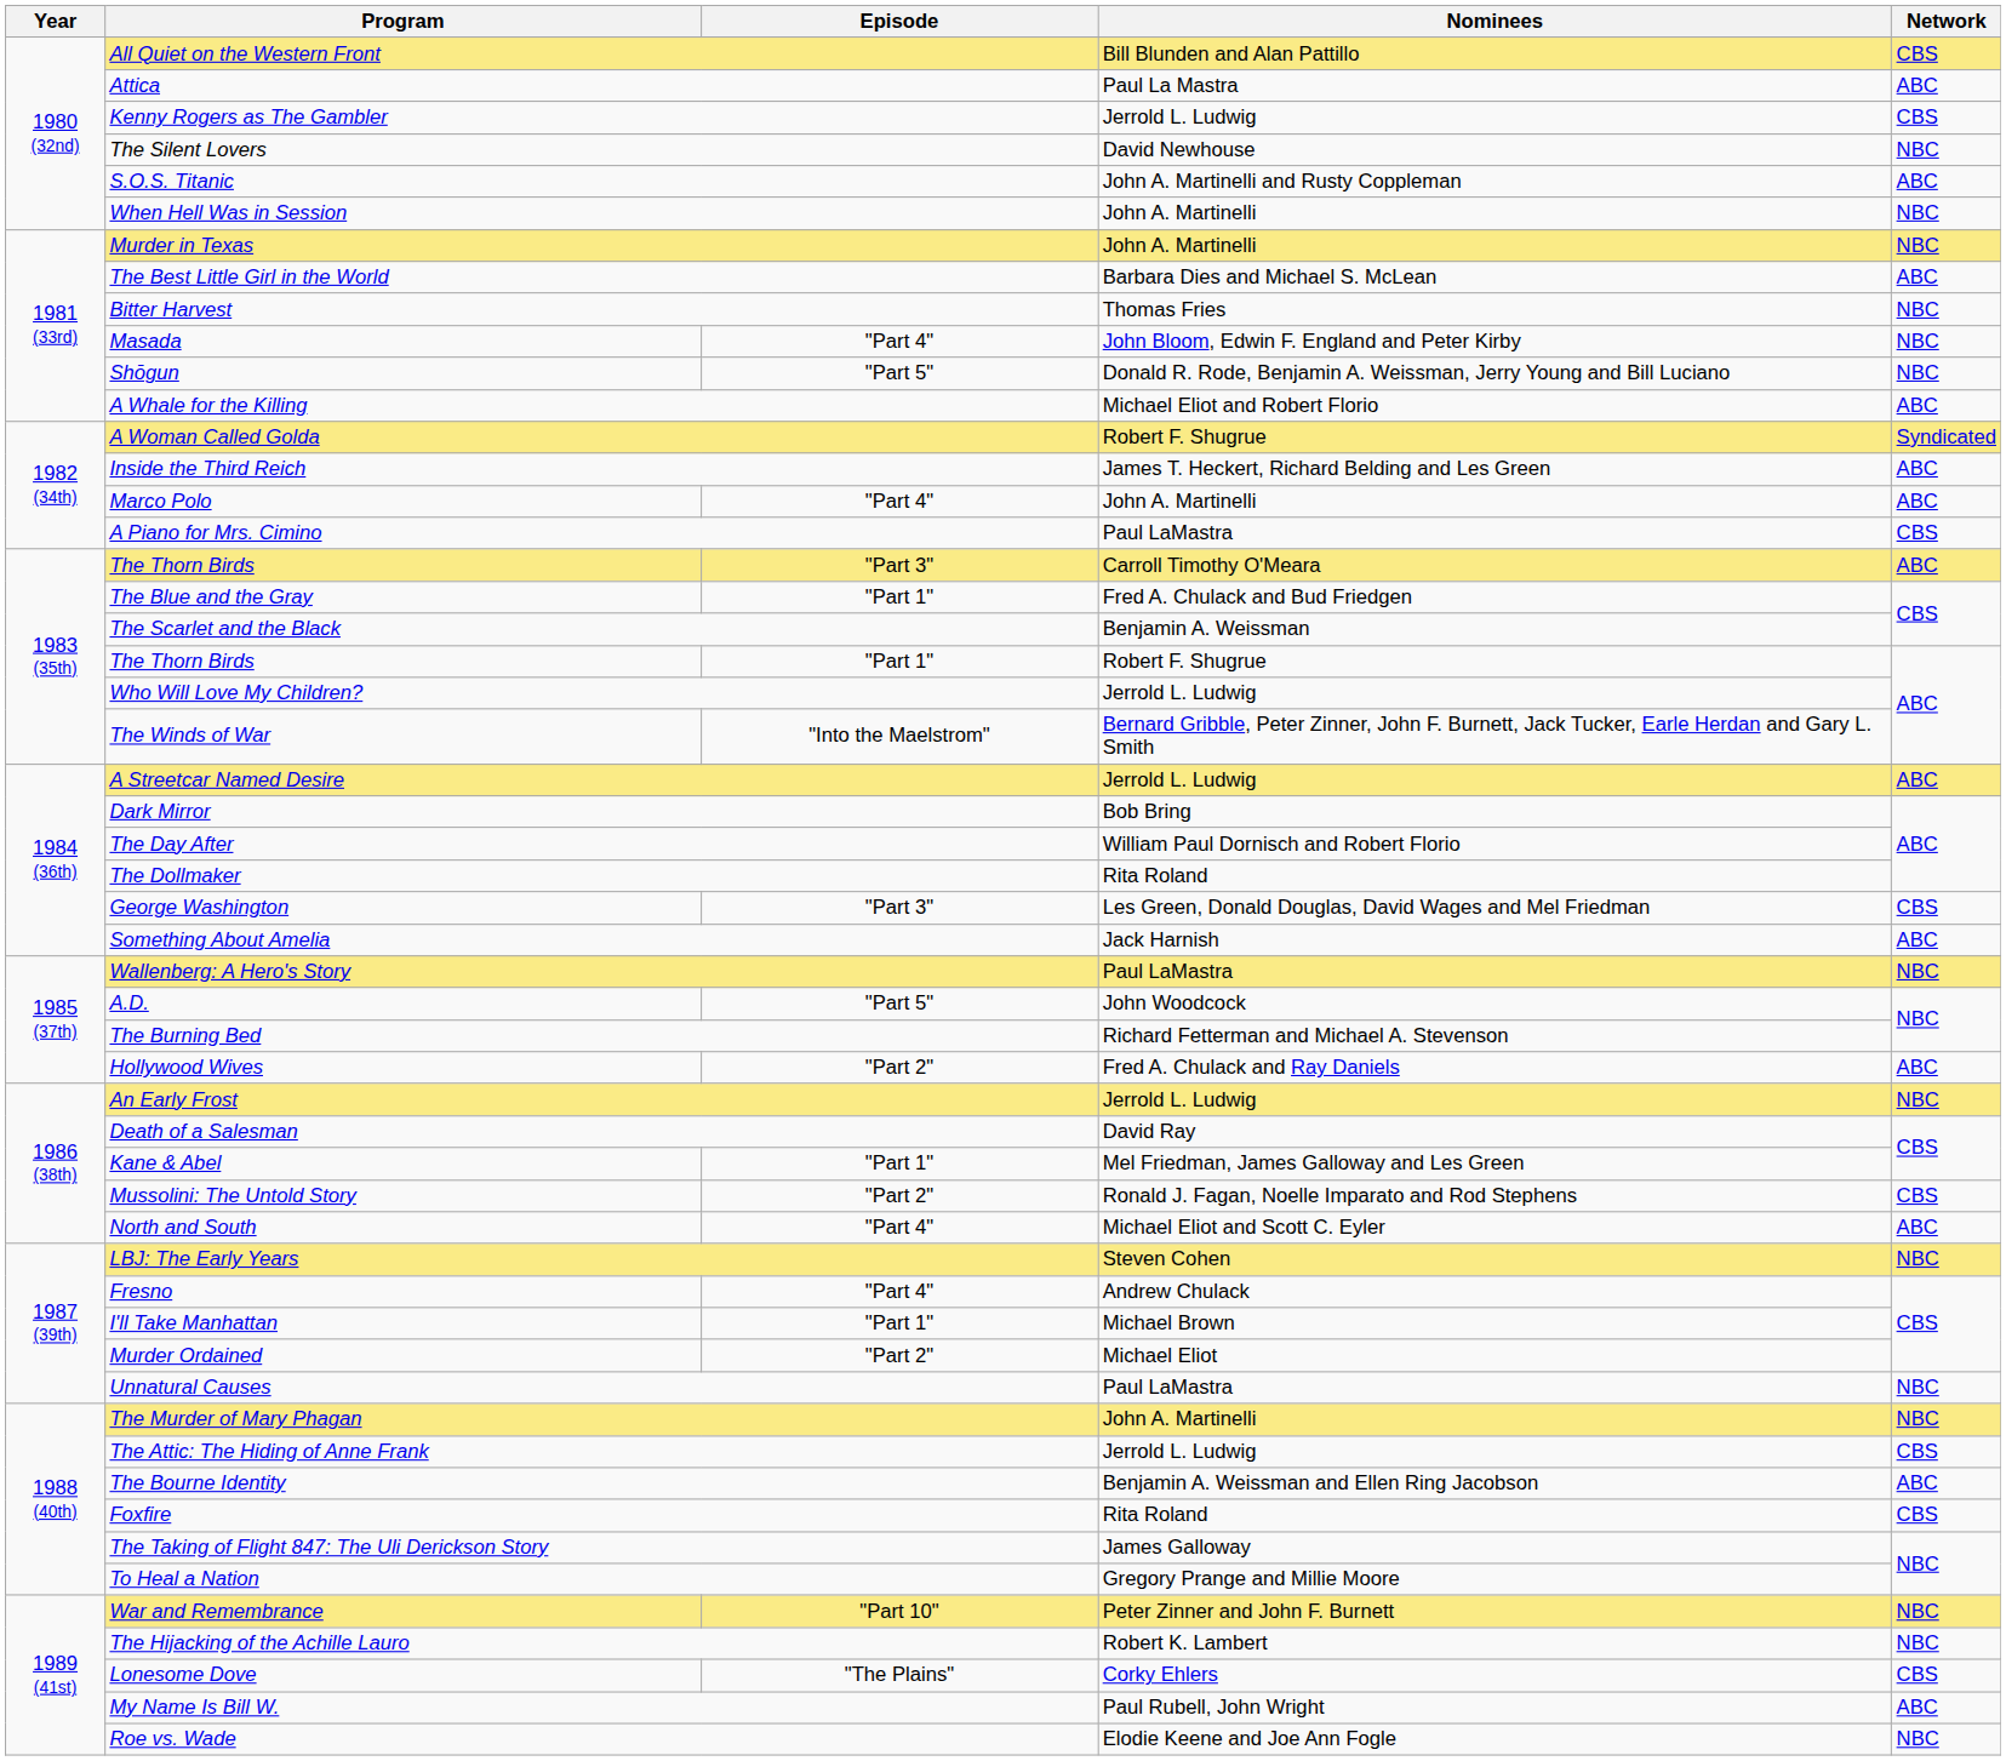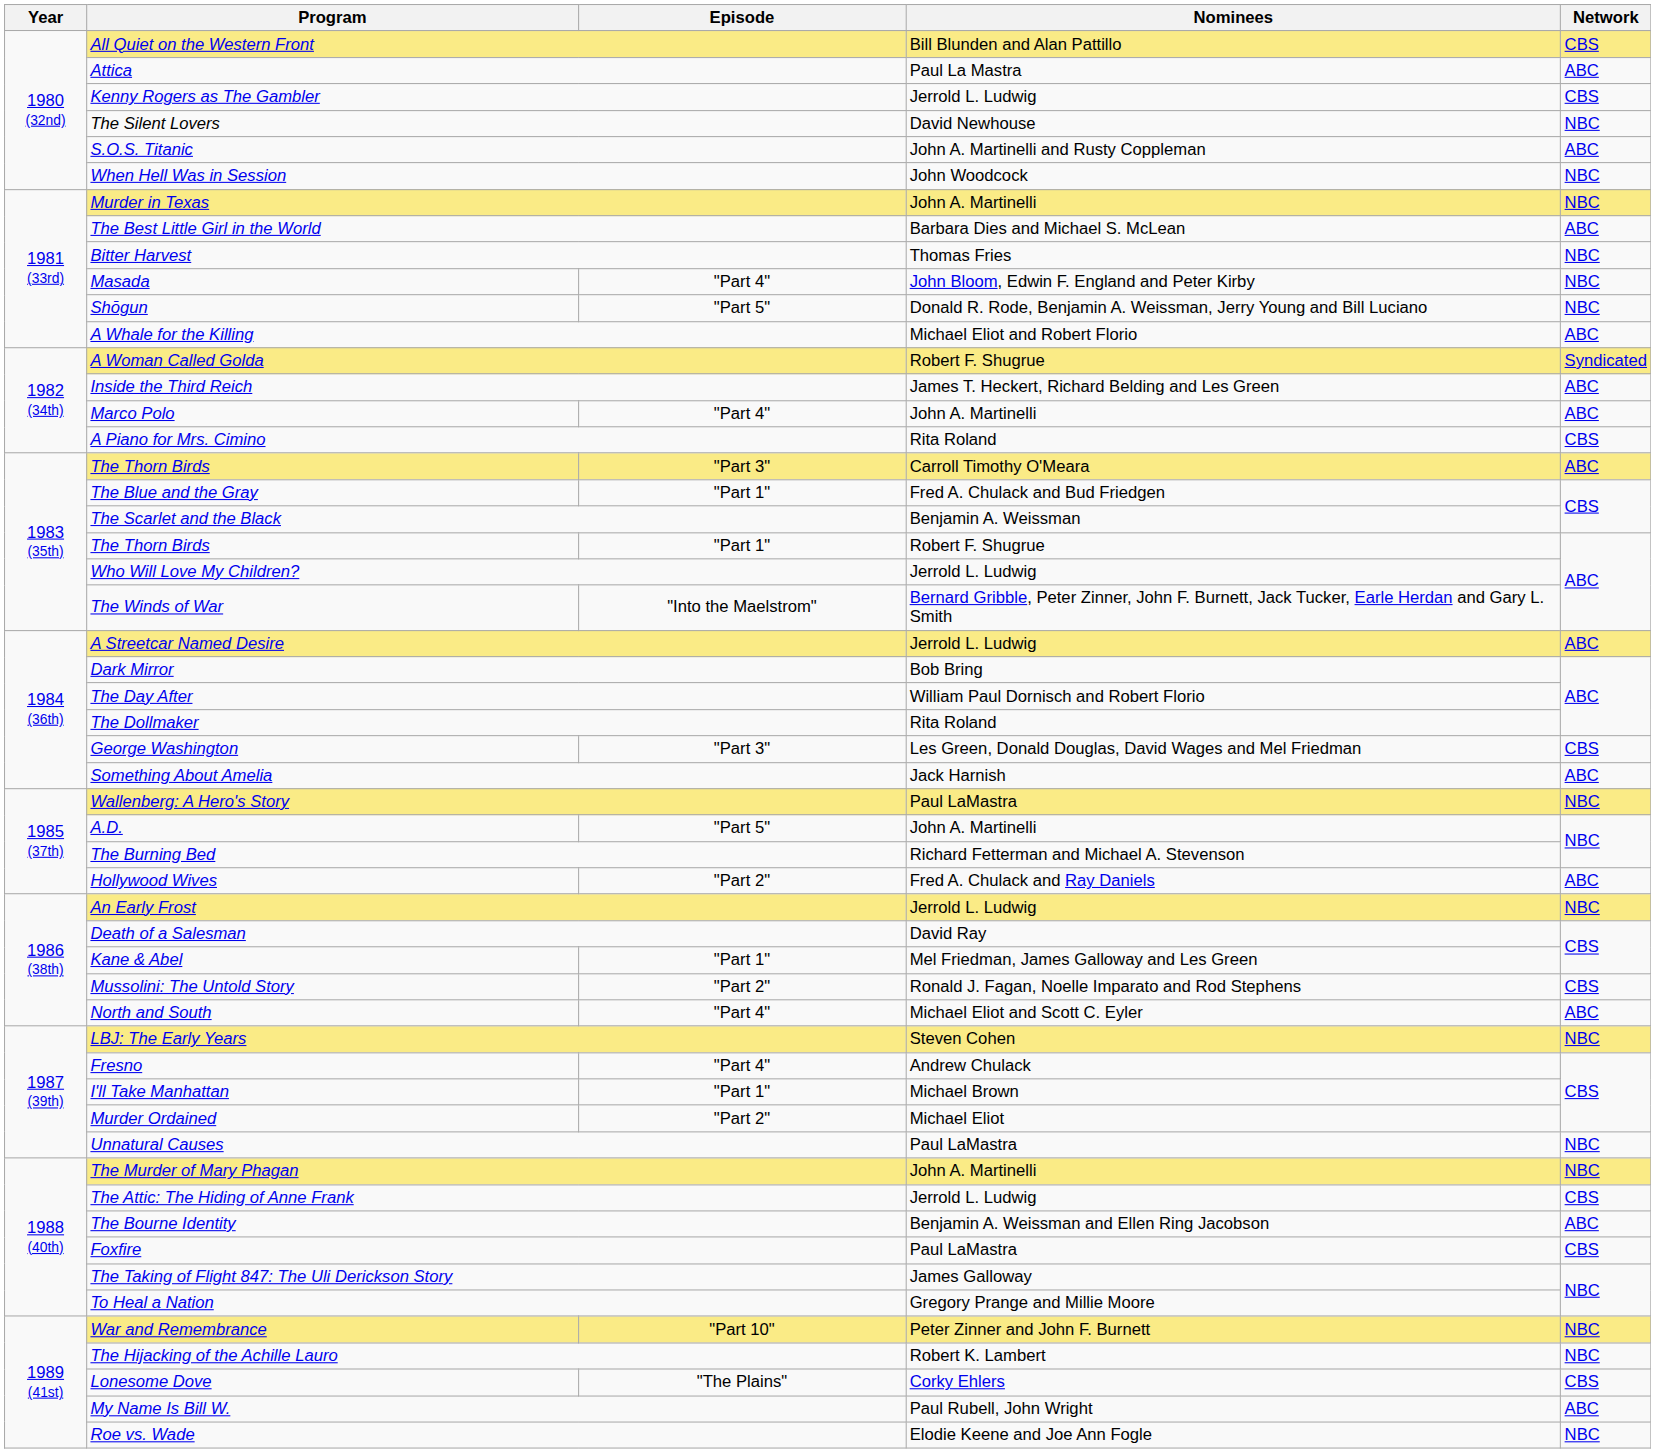 <table class="wikitable" style="width:100%">
 <tr>
 <th width="5%">Year</th>
 <th width="30%">Program</th>
 <th width="20%">Episode</th>
 <th width="40%">Nominees</th>
 <th width="5%">Network</th>
 </tr>
 <tr>
 <td rowspan="7" style="text-align:center;"><a href='#'>1980</a><br><small><a href='#'>(32nd)</a></small><br></td>
 </tr>
 <tr style="background:#FAEB86;">
 <td colspan=2><em><a href='#'>All Quiet on the Western Front</a></em></td>
 <td>Bill Blunden and Alan Pattillo</td>
 <td><a href='#'>CBS</a></td>
 </tr>
 <tr>
 <td colspan=2><em><a href='#'>Attica</a></em></td>
 <td>Paul La Mastra</td>
 <td><a href='#'>ABC</a></td>
 </tr>
 <tr>
 <td colspan=2><em><a href='#'>Kenny Rogers as The Gambler</a></em></td>
 <td>Jerrold L. Ludwig</td>
 <td><a href='#'>CBS</a></td>
 </tr>
 <tr>
 <td colspan=2><em>The Silent Lovers</em></td>
 <td>David Newhouse</td>
 <td><a href='#'>NBC</a></td>
 </tr>
 <tr>
 <td colspan=2><em><a href='#'>S.O.S. Titanic</a></em></td>
 <td>John A. Martinelli and Rusty Coppleman</td>
 <td><a href='#'>ABC</a></td>
 </tr>
 <tr>
 <td colspan=2><em><a href='#'>When Hell Was in Session</a></em></td>
-<td>John A. Martinelli</td>
+<td>John Woodcock</td>
 <td><a href='#'>NBC</a></td>
 </tr>
 <tr>
 <td rowspan="6" style="text-align:center;"><a href='#'>1981</a><br><small><a href='#'>(33rd)</a></small><br></td>
 <td style="background:#FAEB86;" colspan=2><em><a href='#'>Murder in Texas</a></em></td>
 <td style="background:#FAEB86;">John A. Martinelli</td>
 <td style="background:#FAEB86;"><a href='#'>NBC</a></td>
 </tr>
 <tr>
 <td colspan=2><em><a href='#'>The Best Little Girl in the World</a></em></td>
 <td>Barbara Dies and Michael S. McLean</td>
 <td><a href='#'>ABC</a></td>
 </tr>
 <tr>
 <td colspan=2><em><a href='#'>Bitter Harvest</a></em></td>
 <td>Thomas Fries</td>
 <td><a href='#'>NBC</a></td>
 </tr>
 <tr>
 <td><em><a href='#'>Masada</a></em></td>
 <td align=center>"Part 4"</td>
 <td><a href='#'>John Bloom</a>, Edwin F. England and Peter Kirby</td>
 <td><a href='#'>NBC</a></td>
 </tr>
 <tr>
 <td><em><a href='#'>Shōgun</a></em></td>
 <td align=center>"Part 5"</td>
 <td>Donald R. Rode, Benjamin A. Weissman, Jerry Young and Bill Luciano</td>
 <td><a href='#'>NBC</a></td>
 </tr>
 <tr>
 <td colspan=2><em><a href='#'>A Whale for the Killing</a></em></td>
 <td>Michael Eliot and Robert Florio</td>
 <td><a href='#'>ABC</a></td>
 </tr>
 <tr>
 <td rowspan="4" style="text-align:center;"><a href='#'>1982</a><br><small><a href='#'>(34th)</a></small><br></td>
 <td style="background:#FAEB86;" colspan=2><em><a href='#'>A Woman Called Golda</a></em></td>
 <td style="background:#FAEB86;">Robert F. Shugrue</td>
 <td style="background:#FAEB86;"><a href='#'>Syndicated</a></td>
 </tr>
 <tr>
 <td colspan=2><em><a href='#'>Inside the Third Reich</a></em></td>
 <td>James T. Heckert, Richard Belding and Les Green</td>
 <td><a href='#'>ABC</a></td>
 </tr>
 <tr>
 <td><em><a href='#'>Marco Polo</a></em></td>
 <td align=center>"Part 4"</td>
 <td>John A. Martinelli</td>
 <td><a href='#'>ABC</a></td>
 </tr>
 <tr>
 <td colspan=2><em><a href='#'>A Piano for Mrs. Cimino</a></em></td>
-<td>Paul LaMastra</td>
+<td>Rita Roland</td>
 <td><a href='#'>CBS</a></td>
 </tr>
 <tr>
 <td rowspan="6" style="text-align:center;"><a href='#'>1983</a><br><small><a href='#'>(35th)</a></small><br></td>
 <td style="background:#FAEB86;"><em><a href='#'>The Thorn Birds</a></em></td>
 <td style="background:#FAEB86;" align=center>"Part 3"</td>
 <td style="background:#FAEB86;">Carroll Timothy O'Meara</td>
 <td style="background:#FAEB86;"><a href='#'>ABC</a></td>
 </tr>
 <tr>
 <td><em><a href='#'>The Blue and the Gray</a></em></td>
 <td align=center>"Part 1"</td>
 <td>Fred A. Chulack and Bud Friedgen</td>
 <td rowspan=2><a href='#'>CBS</a></td>
 </tr>
 <tr>
 <td colspan=2><em><a href='#'>The Scarlet and the Black</a></em></td>
 <td>Benjamin A. Weissman</td>
 </tr>
 <tr>
 <td><em><a href='#'>The Thorn Birds</a></em></td>
 <td align=center>"Part 1"</td>
 <td>Robert F. Shugrue</td>
 <td rowspan=3><a href='#'>ABC</a></td>
 </tr>
 <tr>
 <td colspan=2><em><a href='#'>Who Will Love My Children?</a></em></td>
 <td>Jerrold L. Ludwig</td>
 </tr>
 <tr>
 <td><em><a href='#'>The Winds of War</a></em></td>
 <td align=center>"Into the Maelstrom"</td>
 <td><a href='#'>Bernard Gribble</a>, Peter Zinner, John F. Burnett, Jack Tucker, <a href='#'>Earle Herdan</a> and Gary L. Smith</td>
 </tr>
 <tr>
 <td rowspan="6" style="text-align:center;"><a href='#'>1984</a><br><small><a href='#'>(36th)</a></small><br></td>
 <td style="background:#FAEB86;" colspan=2><em><a href='#'>A Streetcar Named Desire</a></em></td>
 <td style="background:#FAEB86;">Jerrold L. Ludwig</td>
 <td style="background:#FAEB86;"><a href='#'>ABC</a></td>
 </tr>
 <tr>
 <td colspan=2><em><a href='#'>Dark Mirror</a></em></td>
 <td>Bob Bring</td>
 <td rowspan=3><a href='#'>ABC</a></td>
 </tr>
 <tr>
 <td colspan=2><em><a href='#'>The Day After</a></em></td>
 <td>William Paul Dornisch and Robert Florio</td>
 </tr>
 <tr>
 <td colspan=2><em><a href='#'>The Dollmaker</a></em></td>
 <td>Rita Roland</td>
 </tr>
 <tr>
 <td><em><a href='#'>George Washington</a></em></td>
 <td align=center>"Part 3"</td>
 <td>Les Green, Donald Douglas,  David Wages and Mel Friedman</td>
 <td><a href='#'>CBS</a></td>
 </tr>
 <tr>
 <td colspan=2><em><a href='#'>Something About Amelia</a></em></td>
 <td>Jack Harnish</td>
 <td><a href='#'>ABC</a></td>
 </tr>
 <tr>
 <td rowspan="4" style="text-align:center;"><a href='#'>1985</a><br><small><a href='#'>(37th)</a></small><br></td>
 <td style="background:#FAEB86;" colspan=2><em><a href='#'>Wallenberg: A Hero's Story</a></em></td>
 <td style="background:#FAEB86;">Paul LaMastra</td>
 <td style="background:#FAEB86;"><a href='#'>NBC</a></td>
 </tr>
 <tr>
 <td><em><a href='#'>A.D.</a></em></td>
 <td align=center>"Part 5"</td>
-<td>John Woodcock</td>
+<td>John A. Martinelli</td>
 <td rowspan=2><a href='#'>NBC</a></td>
 </tr>
 <tr>
 <td colspan=2><em><a href='#'>The Burning Bed</a></em></td>
 <td>Richard Fetterman and Michael A. Stevenson</td>
 </tr>
 <tr>
 <td><em><a href='#'>Hollywood Wives</a></em></td>
 <td align=center>"Part 2"</td>
 <td>Fred A. Chulack and <a href='#'>Ray Daniels</a></td>
 <td><a href='#'>ABC</a></td>
 </tr>
 <tr>
 <td rowspan="5" style="text-align:center;"><a href='#'>1986</a><br><small><a href='#'>(38th)</a></small><br></td>
 <td style="background:#FAEB86;"  colspan=2><em><a href='#'>An Early Frost</a></em></td>
 <td style="background:#FAEB86;">Jerrold L. Ludwig</td>
 <td style="background:#FAEB86;"><a href='#'>NBC</a></td>
 </tr>
 <tr>
 <td colspan=2><em><a href='#'>Death of a Salesman</a></em></td>
 <td>David Ray</td>
 <td rowspan=2><a href='#'>CBS</a></td>
 </tr>
 <tr>
 <td><em><a href='#'>Kane & Abel</a></em></td>
 <td align=center>"Part 1"</td>
 <td>Mel Friedman, James Galloway and Les Green</td>
 </tr>
 <tr>
 <td><em><a href='#'>Mussolini: The Untold Story</a></em></td>
 <td align=center>"Part 2"</td>
 <td>Ronald J. Fagan, Noelle Imparato and Rod Stephens</td>
 <td><a href='#'>CBS</a></td>
 </tr>
 <tr>
 <td><em><a href='#'>North and South</a></em></td>
 <td align=center>"Part 4"</td>
 <td>Michael Eliot and Scott C. Eyler</td>
 <td><a href='#'>ABC</a></td>
 </tr>
 <tr>
 <td rowspan="5" style="text-align:center;"><a href='#'>1987</a><br><small><a href='#'>(39th)</a></small><br></td>
 <td style="background:#FAEB86;"  colspan=2><em><a href='#'>LBJ: The Early Years</a></em></td>
 <td style="background:#FAEB86;">Steven Cohen</td>
 <td style="background:#FAEB86;"><a href='#'>NBC</a></td>
 </tr>
 <tr>
 <td><em><a href='#'>Fresno</a></em></td>
 <td align=center>"Part 4"</td>
 <td>Andrew Chulack</td>
 <td rowspan=3><a href='#'>CBS</a></td>
 </tr>
 <tr>
 <td><em><a href='#'>I'll Take Manhattan</a></em></td>
 <td align=center>"Part 1"</td>
 <td>Michael Brown</td>
 </tr>
 <tr>
 <td><em><a href='#'>Murder Ordained</a></em></td>
 <td align=center>"Part 2"</td>
 <td>Michael Eliot</td>
 </tr>
 <tr>
 <td colspan=2><em><a href='#'>Unnatural Causes</a></em></td>
 <td>Paul LaMastra</td>
 <td><a href='#'>NBC</a></td>
 </tr>
 <tr>
 <td rowspan="6" style="text-align:center;"><a href='#'>1988</a><br><small><a href='#'>(40th)</a></small><br></td>
 <td style="background:#FAEB86;"  colspan=2><em><a href='#'>The Murder of Mary Phagan</a></em></td>
 <td style="background:#FAEB86;">John A. Martinelli</td>
 <td style="background:#FAEB86;"><a href='#'>NBC</a></td>
 </tr>
 <tr>
 <td colspan=2><em><a href='#'>The Attic: The Hiding of Anne Frank</a></em></td>
 <td>Jerrold L. Ludwig</td>
 <td><a href='#'>CBS</a></td>
 </tr>
 <tr>
 <td colspan=2><em><a href='#'>The Bourne Identity</a></em></td>
 <td>Benjamin A. Weissman and Ellen Ring Jacobson</td>
 <td><a href='#'>ABC</a></td>
 </tr>
 <tr>
 <td colspan=2><em><a href='#'>Foxfire</a></em></td>
-<td>Rita Roland</td>
+<td>Paul LaMastra</td>
 <td><a href='#'>CBS</a></td>
 </tr>
 <tr>
 <td colspan=2><em><a href='#'>The Taking of Flight 847: The Uli Derickson Story</a></em></td>
 <td>James Galloway</td>
 <td rowspan=2><a href='#'>NBC</a></td>
 </tr>
 <tr>
 <td colspan=2><em><a href='#'>To Heal a Nation</a></em></td>
 <td>Gregory Prange and Millie Moore</td>
 </tr>
 <tr>
 <td rowspan="5" style="text-align:center;"><a href='#'>1989</a><br><small><a href='#'>(41st)</a></small><br></td>
 <td style="background:#FAEB86;"><em><a href='#'>War and Remembrance</a></em></td>
 <td style="background:#FAEB86;" align=center>"Part 10"</td>
 <td style="background:#FAEB86;">Peter Zinner and John F. Burnett</td>
 <td style="background:#FAEB86;"><a href='#'>NBC</a></td>
 </tr>
 <tr>
 <td colspan=2><em><a href='#'>The Hijacking of the Achille Lauro</a></em></td>
 <td>Robert K. Lambert</td>
 <td><a href='#'>NBC</a></td>
 </tr>
 <tr>
 <td><em><a href='#'>Lonesome Dove</a></em></td>
 <td align=center>"The Plains"</td>
 <td><a href='#'>Corky Ehlers</a></td>
 <td><a href='#'>CBS</a></td>
 </tr>
 <tr>
 <td colspan=2><em><a href='#'>My Name Is Bill W.</a></em></td>
 <td>Paul Rubell,  John Wright</td>
 <td><a href='#'>ABC</a></td>
 </tr>
 <tr>
 <td colspan=2><em><a href='#'>Roe vs. Wade</a></em></td>
 <td>Elodie Keene and Joe Ann Fogle</td>
 <td><a href='#'>NBC</a></td>
 </tr>
 </table>
